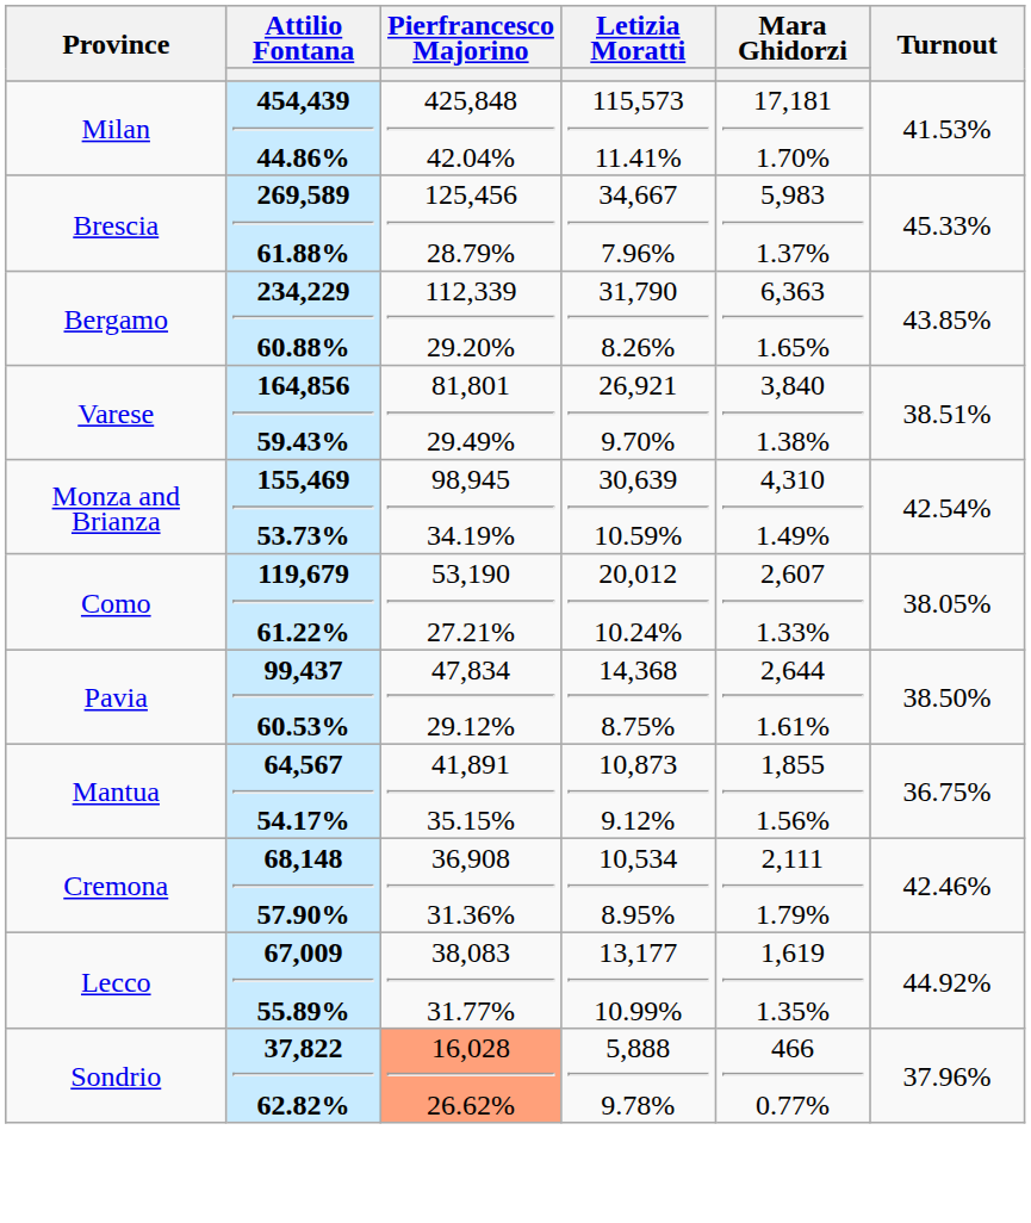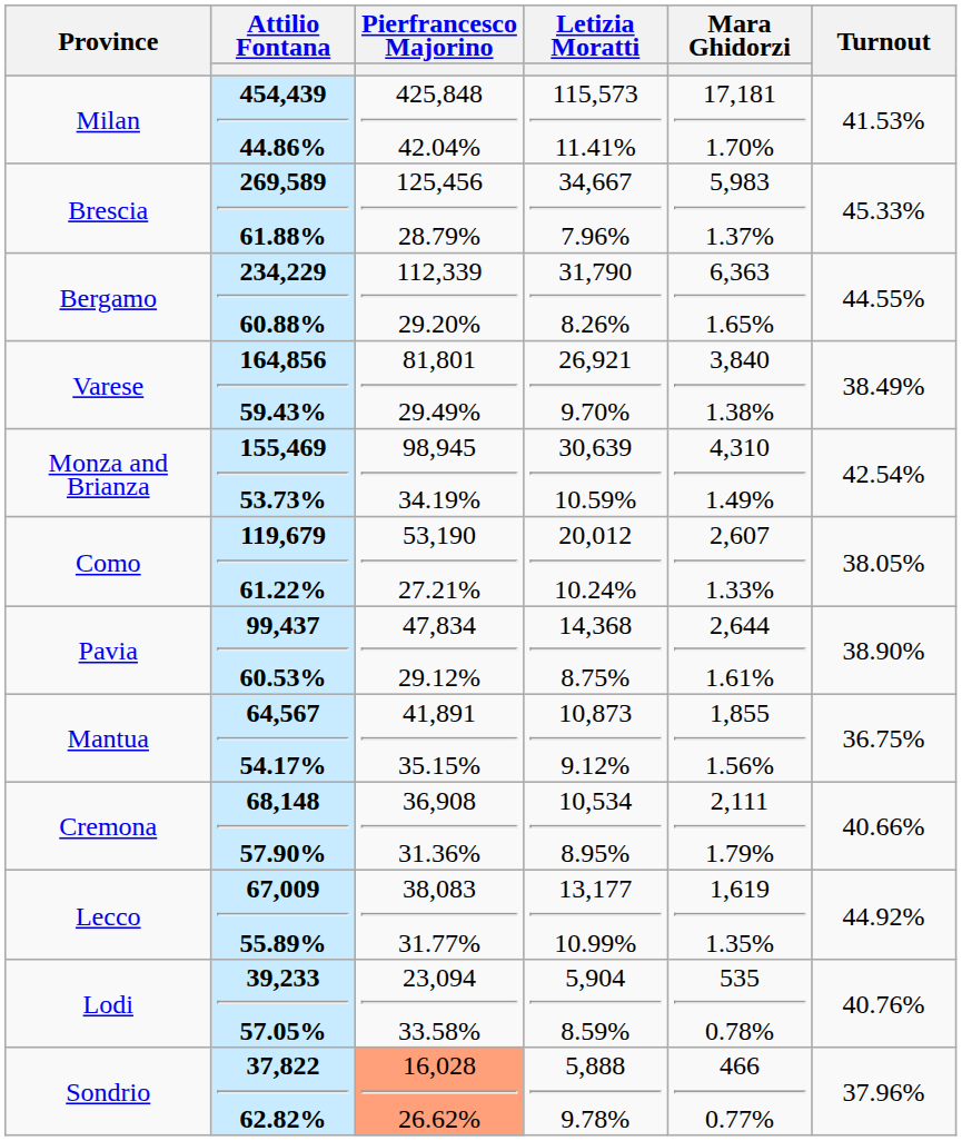 <table class="wikitable" style="text-align:center;font-size:95%;line-height:13px">
 <tr style="height:30px; background-color:#E9E9E9">
 <th style="width:110px;" rowspan="2">Province</th>
 <th style="width:75px;"><a href='#'>Attilio Fontana</a></th>
 <th style="width:75px;"><a href='#'>Pierfrancesco Majorino</a></th>
 <th style="width:75px;"><a href='#'>Letizia Moratti</a></th>
 <th style="width:75px;">Mara Ghidorzi</th>
 <th rowspan="2" style="width:75px;">Turnout</th>
 </tr>
 <tr>
 <th style="background:"></th>
 <th style="background:"></th>
 <th style="background:"></th>
 <th style="background:"></th>
 </tr>
 <tr>
 <td><a href='#'>Milan</a></td>
 <td style="background:#C8EBFF"><strong>454,439 <hr>44.86%</strong></td>
 <td>425,848 <hr>42.04%</td>
 <td>115,573 <hr>11.41%</td>
 <td>17,181 <hr>1.70%</td>
 <td>41.53%</td>
 </tr>
 <tr>
 <td><a href='#'>Brescia</a></td>
 <td style="background:#C8EBFF"><strong>269,589 <hr>61.88%</strong></td>
 <td>125,456 <hr>28.79%</td>
 <td>34,667 <hr>7.96%</td>
 <td>5,983 <hr>1.37%</td>
 <td>45.33%</td>
 </tr>
 <tr>
 <td><a href='#'>Bergamo</a></td>
 <td style="background:#C8EBFF"><strong>234,229 <hr>60.88%</strong></td>
 <td>112,339 <hr>29.20%</td>
 <td>31,790 <hr>8.26%</td>
 <td>6,363 <hr>1.65%</td>
-<td>43.85%</td>
+<td>44.55%</td>
 </tr>
 <tr>
 <td><a href='#'>Varese</a></td>
 <td style="background:#C8EBFF"><strong>164,856 <hr>59.43%</strong></td>
 <td>81,801 <hr>29.49%</td>
 <td>26,921 <hr>9.70%</td>
 <td>3,840 <hr>1.38%</td>
-<td>38.51%</td>
+<td>38.49%</td>
 </tr>
 <tr>
 <td><a href='#'>Monza and Brianza</a></td>
 <td style="background:#C8EBFF"><strong>155,469 <hr>53.73%</strong></td>
 <td>98,945<hr>34.19%</td>
 <td>30,639<hr>10.59%</td>
 <td>4,310 <hr>1.49%</td>
 <td>42.54%</td>
 </tr>
 <tr>
 <td><a href='#'>Como</a></td>
 <td style="background:#C8EBFF"><strong>119,679<hr>61.22%</strong></td>
 <td>53,190<hr>27.21%</td>
 <td>20,012<hr>10.24%</td>
 <td>2,607 <hr>1.33%</td>
 <td>38.05%</td>
 </tr>
 <tr>
 <td><a href='#'>Pavia</a></td>
 <td style="background:#C8EBFF"><strong>99,437<hr>60.53%</strong></td>
 <td>47,834 <hr>29.12%</td>
 <td>14,368 <hr>8.75%</td>
 <td>2,644 <hr>1.61%</td>
-<td>38.50%</td>
+<td>38.90%</td>
 </tr>
 <tr>
 <td><a href='#'>Mantua</a></td>
 <td style="background:#C8EBFF"><strong>64,567 <hr>54.17%</strong></td>
 <td>41,891 <hr>35.15%</td>
 <td>10,873 <hr>9.12%</td>
 <td>1,855 <hr>1.56%</td>
 <td>36.75%</td>
 </tr>
 <tr>
 <td><a href='#'>Cremona</a></td>
 <td style="background:#C8EBFF"><strong>68,148 <hr>57.90%</strong></td>
 <td>36,908 <hr>31.36%</td>
 <td>10,534 <hr>8.95%</td>
 <td>2,111 <hr>1.79%</td>
-<td>42.46%</td>
+<td>40.66%</td>
 </tr>
 <tr>
 <td><a href='#'>Lecco</a></td>
 <td style="background:#C8EBFF"><strong>67,009<hr>55.89%</strong></td>
 <td>38,083<hr>31.77%</td>
 <td>13,177 <hr>10.99%</td>
 <td>1,619 <hr>1.35%</td>
 <td>44.92%</td>
 </tr>
 <tr>
+<td><a href='#'>Lodi</a></td>
+<td style="background:#C8EBFF"><strong>39,233<hr>57.05%</strong></td>
+<td>23,094 <hr>33.58%</td>
+<td>5,904 <hr>8.59%</td>
+<td>535 <hr>0.78%</td>
+<td>40.76%</td>
+</tr>
+<tr>
 <td><a href='#'>Sondrio</a></td>
 <td style="background:#C8EBFF"><strong>37,822 <hr>62.82%</strong></td>
 <td style="background: lightsalmon;">16,028 <hr>26.62%</td>
 <td>5,888 <hr>9.78%</td>
 <td>466 <hr>0.77%</td>
 <td>37.96%</td>
 </tr>
 </table>
